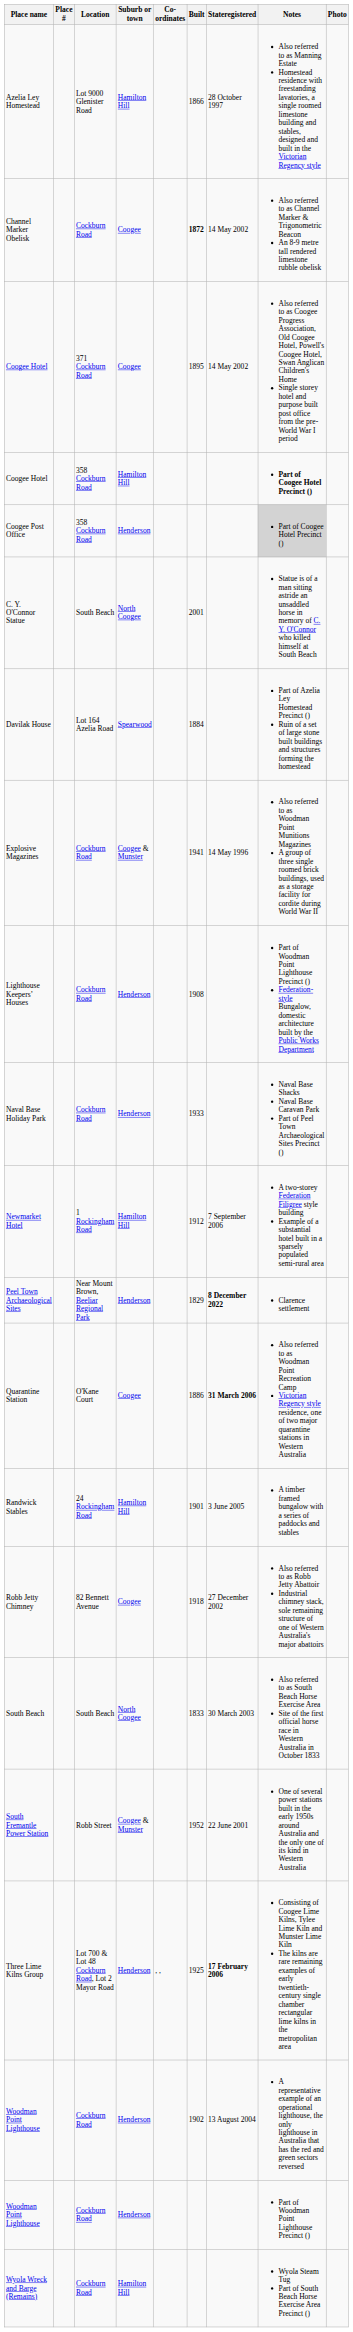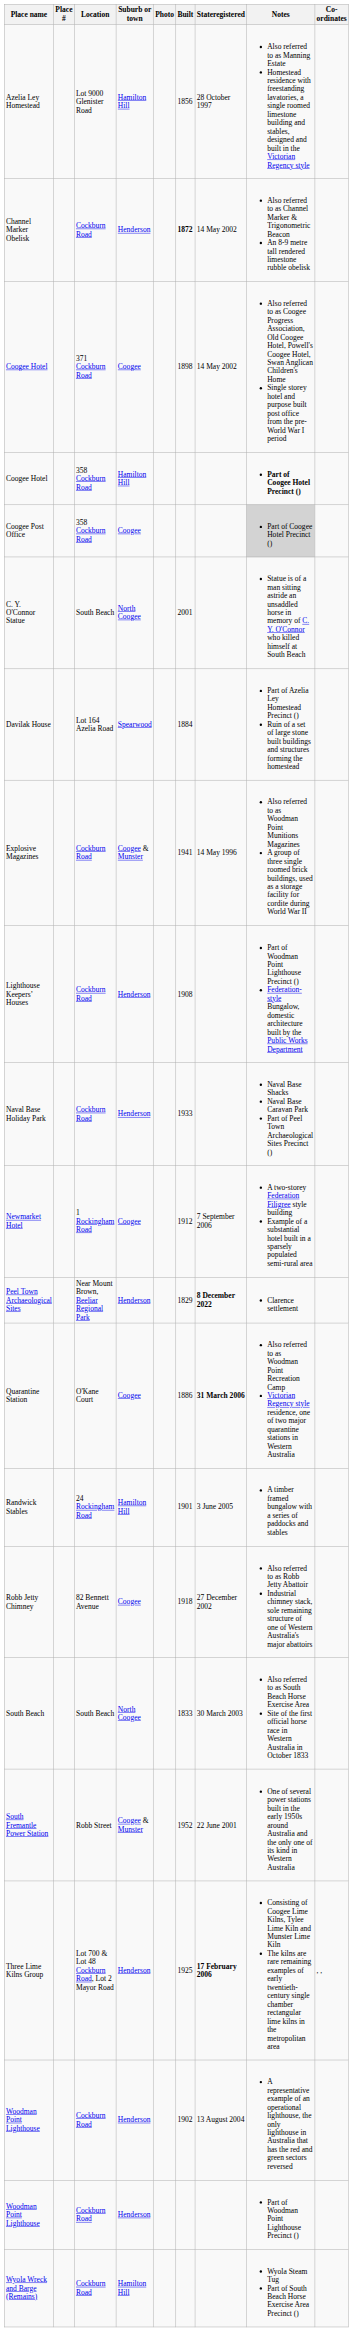 <table class="wikitable sortable">
 <tr>
 <th>Place name</th>
 <th>Place #</th>
 <th>Location</th>
 <th>Suburb or town</th>
-<th>Co-ordinates</th>
+<th class="unsortable">Photo</th>
 <th>Built</th>
 <th>Stateregistered</th>
 <th class="unsortable">Notes</th>
-<th class="unsortable">Photo</th>
+<th>Co-ordinates</th>
 </tr>
 <tr>
 <td>Azelia Ley Homestead</td>
 <td></td>
 <td>Lot 9000 Glenister Road</td>
 <td><a href='#'>Hamilton Hill</a></td>
 <td></td>
-<td>1866</td>
+<td>1856</td>
 <td>28 October 1997</td>
 <td><br><ul><li>Also referred to as Manning Estate</li><li>Homestead residence with freestanding lavatories, a single roomed limestone building and stables, designed and built in the <a href='#'>Victorian Regency style</a></li></ul></td>
 <td></td>
 </tr>
 <tr>
 <td>Channel Marker Obelisk</td>
 <td></td>
 <td><a href='#'>Cockburn Road</a></td>
-<td><a href='#'>Coogee</a></td>
+<td><a href='#'>Henderson</a></td>
 <td></td>
 <td><strong>1872</strong></td>
 <td>14 May 2002</td>
 <td><br><ul><li>Also referred to as Channel Marker & Trigonometric Beacon</li><li>An 8-9 metre tall rendered limestone rubble obelisk</li></ul></td>
 <td></td>
 </tr>
 <tr>
 <td><a href='#'>Coogee Hotel</a></td>
 <td></td>
 <td>371 <a href='#'>Cockburn Road</a></td>
 <td><a href='#'>Coogee</a></td>
 <td></td>
-<td>1895</td>
+<td>1898</td>
 <td>14 May 2002</td>
 <td><br><ul><li>Also referred to as Coogee Progress Association, Old Coogee Hotel, Powell's Coogee Hotel, Swan Anglican Children's Home</li><li>Single storey hotel and purpose built post office from the pre-World War I period</li></ul></td>
 <td></td>
 </tr>
 <tr>
 <td>Coogee Hotel</td>
 <td></td>
 <td>358 <a href='#'>Cockburn Road</a></td>
 <td><a href='#'>Hamilton Hill</a></td>
 <td></td>
 <td></td>
 <td></td>
 <td><strong><br><ul><li>Part of Coogee Hotel Precinct ()</li></ul></strong></td>
 <td></td>
 </tr>
 <tr>
 <td>Coogee Post Office</td>
 <td></td>
 <td>358 <a href='#'>Cockburn Road</a></td>
-<td><a href='#'>Henderson</a></td>
+<td><a href='#'>Coogee</a></td>
 <td></td>
 <td></td>
 <td></td>
 <td style="background: lightgrey;"><br><ul><li>Part of Coogee Hotel Precinct ()</li></ul></td>
 <td></td>
 </tr>
 <tr>
 <td>C. Y. O'Connor Statue</td>
 <td></td>
 <td>South Beach</td>
 <td><a href='#'>North Coogee</a></td>
 <td></td>
 <td>2001</td>
 <td></td>
 <td><br><ul><li>Statue is of a man sitting astride an unsaddled horse in memory of <a href='#'>C. Y. O'Connor</a> who killed himself at South Beach</li></ul></td>
 <td></td>
 </tr>
 <tr>
 <td>Davilak House</td>
 <td></td>
 <td>Lot 164 Azelia Road</td>
 <td><a href='#'>Spearwood</a></td>
 <td></td>
 <td>1884</td>
 <td></td>
 <td><br><ul><li>Part of Azelia Ley Homestead Precinct ()</li><li>Ruin of a set of large stone built buildings and structures forming the homestead</li></ul></td>
 <td></td>
 </tr>
 <tr>
 <td>Explosive Magazines</td>
 <td></td>
 <td><a href='#'>Cockburn Road</a></td>
 <td><a href='#'>Coogee</a> & <a href='#'>Munster</a></td>
 <td></td>
 <td>1941</td>
 <td>14 May 1996</td>
 <td><br><ul><li>Also referred to as Woodman Point Munitions Magazines</li><li>A group of three single roomed brick buildings, used as a storage facility for cordite during World War II</li></ul></td>
 <td></td>
 </tr>
 <tr>
 <td>Lighthouse Keepers’ Houses</td>
 <td></td>
 <td><a href='#'>Cockburn Road</a></td>
 <td><a href='#'>Henderson</a></td>
 <td></td>
 <td>1908</td>
 <td></td>
 <td><br><ul><li>Part of Woodman Point Lighthouse Precinct ()</li><li><a href='#'>Federation-style</a> Bungalow, domestic architecture built by the <a href='#'>Public Works Department</a></li></ul></td>
 <td></td>
 </tr>
 <tr>
 <td>Naval Base Holiday Park</td>
 <td></td>
 <td><a href='#'>Cockburn Road </a></td>
 <td><a href='#'>Henderson</a></td>
 <td></td>
 <td>1933</td>
 <td></td>
 <td><br><ul><li>Naval Base Shacks</li><li>Naval Base Caravan Park</li><li>Part of Peel Town Archaeological Sites Precinct ()</li></ul></td>
 <td></td>
 </tr>
 <tr>
 <td><a href='#'>Newmarket Hotel</a></td>
 <td></td>
 <td>1 <a href='#'>Rockingham Road</a></td>
-<td><a href='#'>Hamilton Hill</a></td>
+<td><a href='#'>Coogee</a></td>
 <td></td>
 <td>1912</td>
 <td>7 September 2006</td>
 <td><br><ul><li>A two-storey <a href='#'>Federation Filigree</a> style building</li><li>Example of a substantial hotel built in a sparsely populated semi-rural area</li></ul></td>
 <td></td>
 </tr>
 <tr>
 <td><a href='#'>Peel Town Archaeological Sites</a></td>
 <td></td>
 <td>Near Mount Brown, <a href='#'>Beeliar Regional Park</a></td>
 <td><a href='#'>Henderson</a></td>
 <td></td>
 <td>1829</td>
 <td><strong>8 December 2022</strong></td>
 <td><br><ul><li>Clarence settlement</li></ul></td>
 <td></td>
 </tr>
 <tr>
 <td>Quarantine Station</td>
 <td></td>
 <td>O'Kane Court</td>
 <td><a href='#'>Coogee</a></td>
 <td></td>
 <td>1886</td>
 <td><strong>31 March 2006</strong></td>
 <td><br><ul><li>Also referred to as Woodman Point Recreation Camp</li><li><a href='#'>Victorian Regency style</a> residence, one of two major quarantine stations in Western Australia</li></ul></td>
 <td></td>
 </tr>
 <tr>
 <td>Randwick Stables</td>
 <td></td>
 <td>24 <a href='#'>Rockingham Road</a></td>
 <td><a href='#'>Hamilton Hill</a></td>
 <td></td>
 <td>1901</td>
 <td>3 June 2005</td>
 <td><br><ul><li>A  timber framed bungalow with a series of paddocks and stables</li></ul></td>
 <td></td>
 </tr>
 <tr>
 <td>Robb Jetty Chimney</td>
 <td></td>
 <td>82 Bennett Avenue</td>
 <td><a href='#'>Coogee</a></td>
 <td></td>
 <td>1918</td>
 <td>27 December 2002</td>
 <td><br><ul><li>Also referred to as Robb Jetty Abattoir</li><li>Industrial chimney stack, sole remaining structure of one of Western Australia's major abattoirs</li></ul></td>
 <td></td>
 </tr>
 <tr>
 <td>South Beach</td>
 <td></td>
 <td>South Beach</td>
 <td><a href='#'>North Coogee</a></td>
 <td></td>
 <td>1833</td>
 <td>30 March 2003</td>
 <td><br><ul><li>Also referred to as South Beach Horse Exercise Area</li><li>Site of the first official horse race in Western Australia in October 1833</li></ul></td>
 <td></td>
 </tr>
 <tr>
 <td><a href='#'>South Fremantle Power Station</a></td>
 <td></td>
 <td>Robb Street</td>
 <td><a href='#'>Coogee</a> & <a href='#'>Munster</a></td>
 <td></td>
 <td>1952</td>
 <td>22 June 2001</td>
 <td><br><ul><li>One of several power stations built  in the early 1950s around Australia and the only one of its kind in Western Australia</li></ul></td>
 <td></td>
 </tr>
 <tr>
 <td>Three Lime Kilns Group</td>
 <td></td>
 <td>Lot 700 & Lot 48 <a href='#'>Cockburn Road</a>, Lot 2 Mayor Road</td>
 <td><a href='#'>Henderson</a></td>
-<td>, , </td>
+<td></td>
 <td>1925</td>
 <td><strong>17 February 2006</strong></td>
 <td><br><ul><li>Consisting of Coogee Lime Kilns, Tylee Lime Kiln and Munster Lime Kiln</li><li>The kilns are rare remaining examples of early twentieth-century single chamber rectangular lime kilns in the metropolitan area</li></ul></td>
-<td></td>
+<td>, , </td>
 </tr>
 <tr>
 <td><a href='#'>Woodman Point Lighthouse</a></td>
 <td></td>
 <td><a href='#'>Cockburn Road</a></td>
 <td><a href='#'>Henderson</a></td>
 <td></td>
 <td>1902</td>
 <td>13 August 2004</td>
 <td><br><ul><li>A representative example of an operational lighthouse, the only lighthouse in Australia that has the red and green sectors reversed</li></ul></td>
 <td></td>
 </tr>
 <tr>
 <td><a href='#'>Woodman Point Lighthouse</a></td>
 <td></td>
 <td><a href='#'>Cockburn Road</a></td>
 <td><a href='#'>Henderson</a></td>
 <td></td>
 <td></td>
 <td></td>
 <td><br><ul><li>Part of Woodman Point Lighthouse Precinct ()</li></ul></td>
 <td></td>
 </tr>
 <tr>
 <td><a href='#'>Wyola Wreck and Barge (Remains)</a></td>
 <td></td>
 <td><a href='#'>Cockburn Road</a></td>
 <td><a href='#'>Hamilton Hill</a></td>
 <td></td>
 <td></td>
 <td></td>
 <td><br><ul><li>Wyola Steam Tug</li><li>Part of South Beach Horse Exercise Area Precinct ()</li></ul></td>
 <td></td>
 </tr>
 </table>
